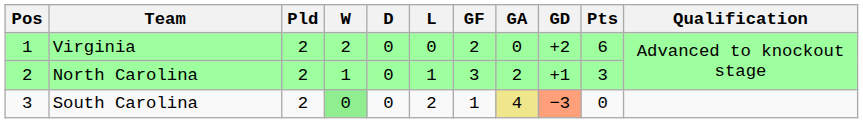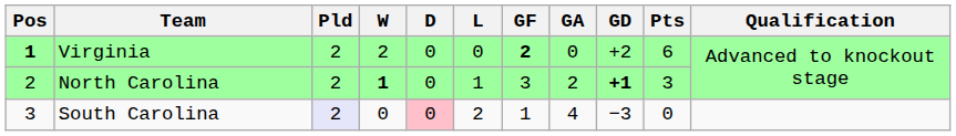 <table class="wikitable" style="text-align:center; margin: 1em auto">
 <tr>
 <th style="width:2em">Pos</th>
 <th style="width:13em">Team</th>
 <th style="width:2em">Pld</th>
 <th style="width:2em">W</th>
 <th style="width:2em">D</th>
 <th style="width:2em">L</th>
 <th style="width:2em">GF</th>
 <th style="width:2em">GA</th>
 <th style="width:2em">GD</th>
 <th style="width:2em">Pts</th>
 <th style="width:13em">Qualification</th>
 </tr>
 <tr bgcolor="#9eff9e">
-<td>1</td>
+<td><strong>1</strong></td>
 <td style="text-align:left">Virginia</td>
 <td>2</td>
 <td>2</td>
 <td>0</td>
 <td>0</td>
-<td>2</td>
+<td><strong>2</strong></td>
 <td>0</td>
 <td>+2</td>
 <td>6</td>
 <td rowspan="2">Advanced to knockout stage</td>
 </tr>
 <tr bgcolor="#9eff9e">
 <td>2</td>
 <td style="text-align:left">North Carolina</td>
 <td>2</td>
-<td>1</td>
+<td><strong>1</strong></td>
 <td>0</td>
 <td>1</td>
 <td>3</td>
 <td>2</td>
-<td>+1</td>
+<td><strong>+1</strong></td>
 <td>3</td>
 </tr>
 <tr>
 <td>3</td>
 <td style="text-align:left">South Carolina</td>
-<td>2</td>
-<td style="background: lightgreen;">0</td>
+<td style="background: lavender;">2</td>
 <td>0</td>
+<td style="background: pink;">0</td>
 <td>2</td>
 <td>1</td>
-<td style="background: khaki;">4</td>
-<td style="background: lightsalmon;">−3</td>
+<td>4</td>
+<td>−3</td>
 <td>0</td>
 <td></td>
 </tr>
 </table>
